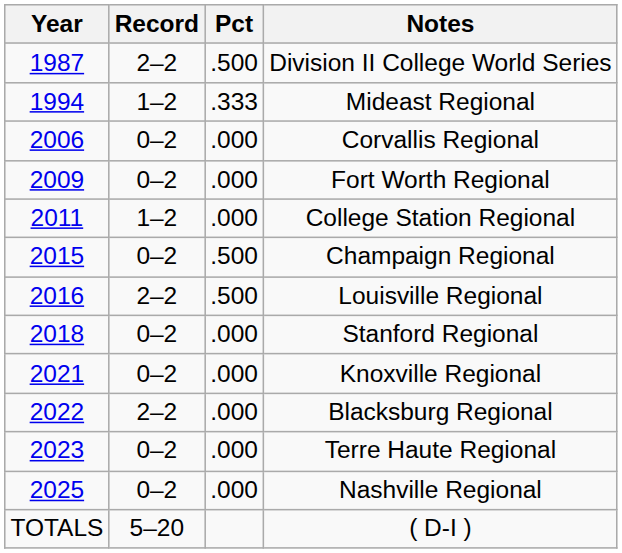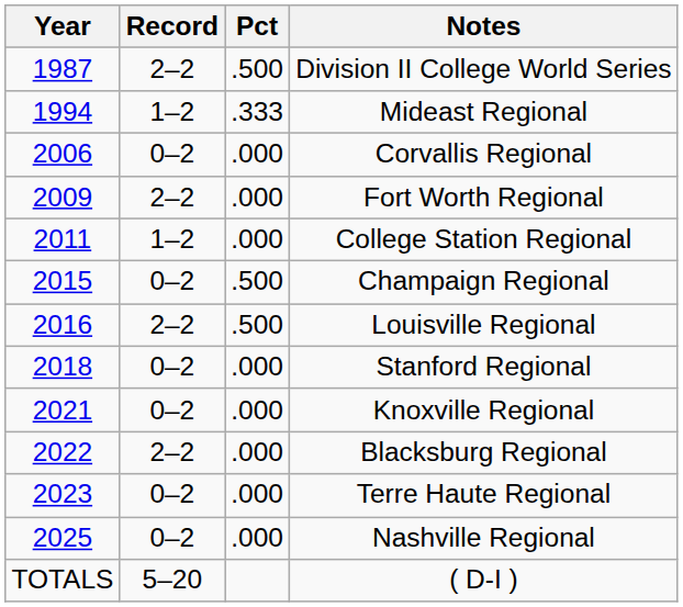 <table class="wikitable sortable" style="text-align:center">
 <tr>
 <th>Year</th>
 <th>Record</th>
 <th>Pct</th>
 <th>Notes</th>
 </tr>
 <tr>
 <td><a href='#'>1987</a></td>
 <td>2–2</td>
 <td>.500</td>
 <td>Division II College World Series</td>
 </tr>
 <tr>
 <td><a href='#'>1994</a></td>
 <td>1–2</td>
 <td>.333</td>
 <td>Mideast Regional</td>
 </tr>
 <tr>
 <td><a href='#'>2006</a></td>
 <td>0–2</td>
 <td>.000</td>
 <td>Corvallis Regional</td>
 </tr>
 <tr>
 <td><a href='#'>2009</a></td>
-<td>0–2</td>
+<td>2–2</td>
 <td>.000</td>
 <td>Fort Worth Regional</td>
 </tr>
 <tr>
 <td><a href='#'>2011</a></td>
 <td>1–2</td>
 <td>.000</td>
 <td>College Station Regional</td>
 </tr>
 <tr>
 <td><a href='#'>2015</a></td>
 <td>0–2</td>
 <td>.500</td>
 <td>Champaign Regional</td>
 </tr>
 <tr>
 <td><a href='#'>2016</a></td>
 <td>2–2</td>
 <td>.500</td>
 <td>Louisville Regional</td>
 </tr>
 <tr>
 <td><a href='#'>2018</a></td>
 <td>0–2</td>
 <td>.000</td>
 <td>Stanford Regional</td>
 </tr>
 <tr>
 <td><a href='#'>2021</a></td>
 <td>0–2</td>
 <td>.000</td>
 <td>Knoxville Regional</td>
 </tr>
 <tr>
 <td><a href='#'>2022</a></td>
 <td>2–2</td>
 <td>.000</td>
 <td>Blacksburg Regional</td>
 </tr>
 <tr>
 <td><a href='#'>2023</a></td>
 <td>0–2</td>
 <td>.000</td>
 <td>Terre Haute Regional</td>
 </tr>
 <tr>
 <td><a href='#'>2025</a></td>
 <td>0–2</td>
 <td>.000</td>
 <td>Nashville Regional</td>
 </tr>
 <tr class="sortbottom">
 <td>TOTALS</td>
 <td>5–20</td>
 <td></td>
 <td>( D-I )</td>
 </tr>
 </table>
